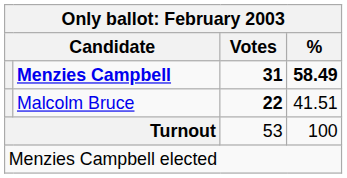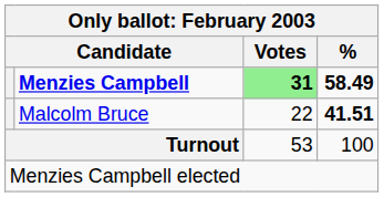 <table class=wikitable style="font-size:95%;">
 <tr>
 <th colspan="5">Only ballot: February 2003</th>
 </tr>
 <tr>
 <th colspan="2" style="width: 170px">Candidate</th>
 <th style="width: 50px">Votes</th>
 <th style="width: 40px">%</th>
 </tr>
 <tr>
 <th style="background-color: "></th>
 <td style="width: 170px"><strong><a href='#'>Menzies Campbell</a></strong></td>
-<td align="right"><strong>31</strong></td>
+<td align="right" style="background: lightgreen;"><strong>31</strong></td>
 <td align="right"><strong>58.49</strong></td>
 </tr>
 <tr>
 <th style="background-color: "></th>
 <td style="width: 170px"><a href='#'>Malcolm Bruce</a></td>
-<td align="right"><strong>22</strong></td>
-<td align="right">41.51</td>
+<td align="right">22</td>
+<td align="right"><strong>41.51</strong></td>
 </tr>
 <tr>
 <th colspan="2" style="text-align:right">Turnout</th>
 <td align="right">53</td>
 <td align="right">100</td>
 </tr>
 <tr>
 <td colspan="4">Menzies Campbell elected</td>
 </tr>
 </table>
